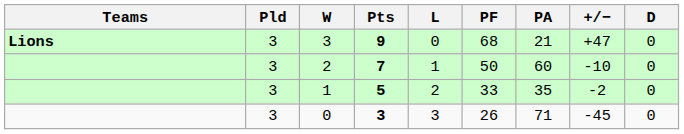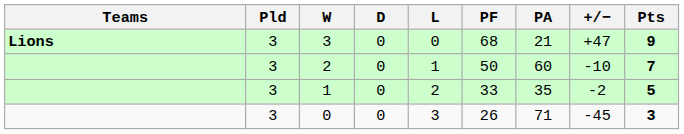 <table class="wikitable" style="text-align: center;">
 <tr>
 <th style="width:200px;">Teams</th>
 <th width="40">Pld</th>
 <th width="40">W</th>
-<th width="40">Pts</th>
+<th width="40">D</th>
 <th width="40">L</th>
 <th width="40">PF</th>
 <th width="40">PA</th>
 <th width="40">+/−</th>
-<th width="40">D</th>
+<th width="40">Pts</th>
 </tr>
 <tr bgcolor=#cfc>
 <td align=left><strong> Lions</strong></td>
 <td>3</td>
 <td>3</td>
-<td><strong>9</strong></td>
+<td>0</td>
 <td>0</td>
 <td>68</td>
 <td>21</td>
 <td>+47</td>
-<td>0</td>
+<td><strong>9</strong></td>
 </tr>
 <tr bgcolor=#cfc>
 <td align=left><strong></strong></td>
 <td>3</td>
 <td>2</td>
-<td><strong>7</strong></td>
+<td>0</td>
 <td>1</td>
 <td>50</td>
 <td>60</td>
 <td>-10</td>
-<td>0</td>
+<td><strong>7</strong></td>
 </tr>
 <tr bgcolor=#cfc>
 <td align=left><strong></strong></td>
 <td>3</td>
 <td>1</td>
-<td><strong>5</strong></td>
+<td>0</td>
 <td>2</td>
 <td>33</td>
 <td>35</td>
 <td>-2</td>
-<td>0</td>
+<td><strong>5</strong></td>
 </tr>
 <tr>
 <td align=left></td>
 <td>3</td>
 <td>0</td>
-<td><strong>3</strong></td>
+<td>0</td>
 <td>3</td>
 <td>26</td>
 <td>71</td>
 <td>-45</td>
-<td>0</td>
+<td><strong>3</strong></td>
 </tr>
 </table>
